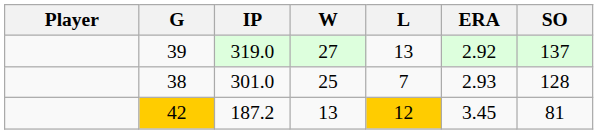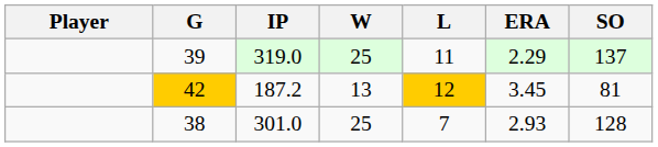 <table class="wikitable sortable">
 <tr>
 <th bgcolor="#DDDDFF" width="16%">Player</th>
 <th bgcolor="#DDDDFF" width="9%">G</th>
 <th bgcolor="#DDDDFF" width="9%">IP</th>
 <th bgcolor="#DDDDFF" width="9%">W</th>
 <th bgcolor="#DDDDFF" width="9%">L</th>
 <th bgcolor="#DDDDFF" width="9%">ERA</th>
 <th bgcolor="#DDDDFF" width="9%">SO</th>
 </tr>
 <tr align="center">
 <td></td>
 <td>39</td>
 <td style="background:#DDFFDD;">319.0</td>
-<td style="background:#DDFFDD;">27</td>
+<td style="background:#DDFFDD;">25</td>
+<td>11</td>
+<td style="background:#DDFFDD;">2.29</td>
+<td style="background:#DDFFDD;">137</td>
+</tr>
+<tr align="center">
+<td></td>
+<td style="background:#fc0;">42</td>
+<td>187.2</td>
 <td>13</td>
-<td style="background:#DDFFDD;">2.92</td>
-<td style="background:#DDFFDD;">137</td>
+<td style="background:#fc0;">12</td>
+<td>3.45</td>
+<td>81</td>
 </tr>
 <tr align="center">
 <td></td>
 <td>38</td>
 <td>301.0</td>
 <td>25</td>
 <td>7</td>
 <td>2.93</td>
 <td>128</td>
 </tr>
-<tr align="center">
-<td></td>
-<td style="background:#fc0;">42</td>
-<td>187.2</td>
-<td>13</td>
-<td style="background:#fc0;">12</td>
-<td>3.45</td>
-<td>81</td>
-</tr>
 </table>
